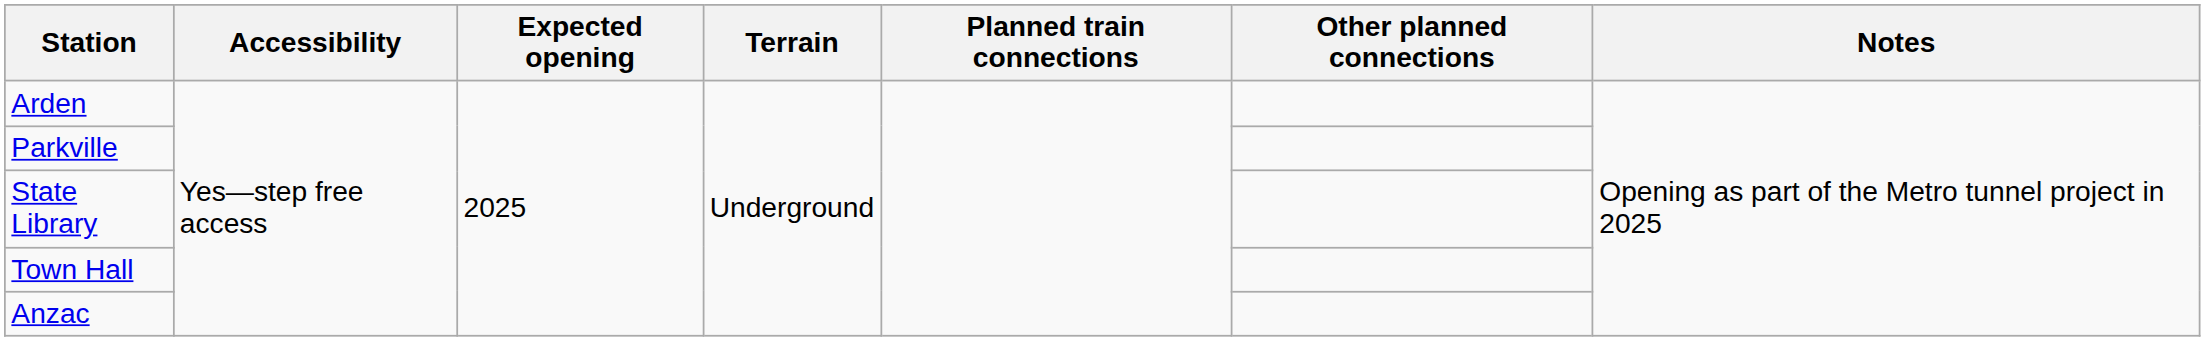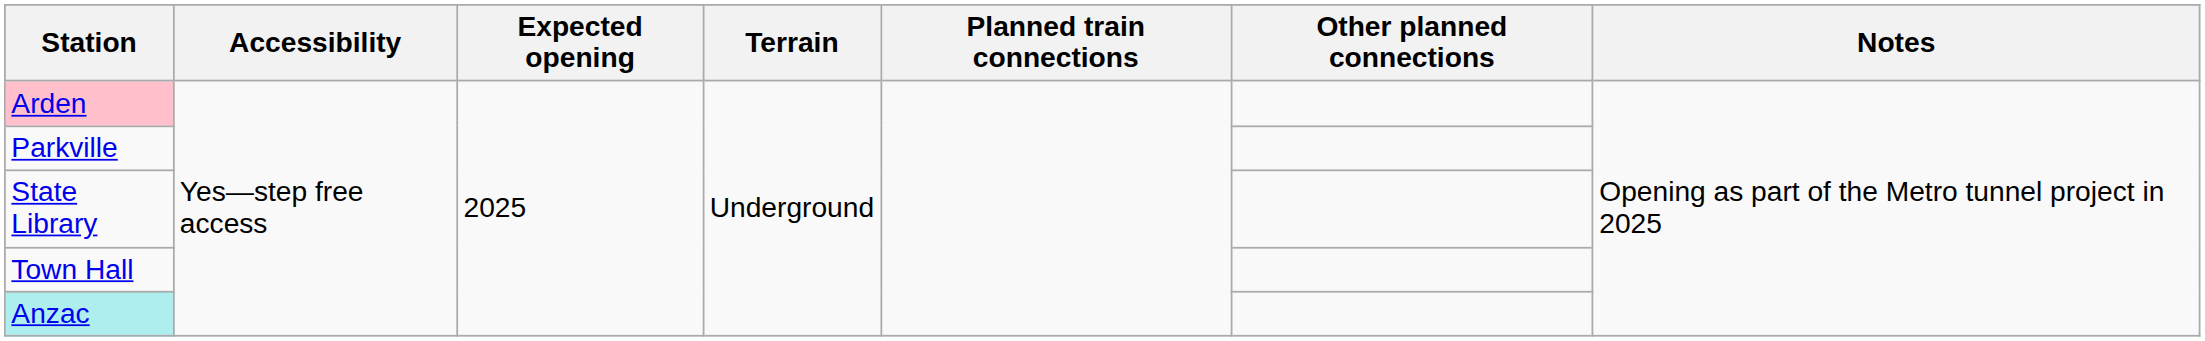 <table class="wikitable">
 <tr>
 <th>Station</th>
 <th>Accessibility</th>
 <th>Expected opening</th>
 <th>Terrain</th>
 <th>Planned train connections</th>
 <th>Other planned connections</th>
 <th>Notes</th>
 </tr>
 <tr>
-<td><a href='#'>Arden</a></td>
+<td style="background: pink;"><a href='#'>Arden</a></td>
 <td rowspan="5">Yes—step free access</td>
 <td rowspan="5">2025</td>
 <td rowspan="5">Underground</td>
 <td rowspan="5"></td>
 <td></td>
 <td rowspan="5">Opening as part of the Metro tunnel project in 2025</td>
 </tr>
 <tr>
 <td><a href='#'>Parkville</a></td>
 <td></td>
 </tr>
 <tr>
 <td><a href='#'>State Library</a></td>
 <td>  </td>
 </tr>
 <tr>
 <td><a href='#'>Town Hall</a></td>
 <td>   </td>
 </tr>
 <tr>
-<td><a href='#'>Anzac</a></td>
+<td style="background: paleturquoise;"><a href='#'>Anzac</a></td>
 <td></td>
 </tr>
 </table>
